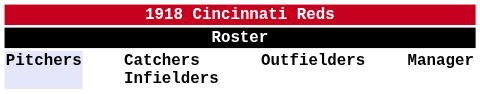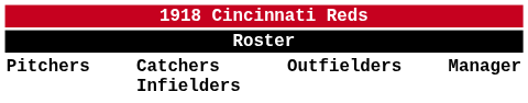 <table class="toccolours" style="font-size: 95%;">
 <tr>
 <th colspan="10" style="background-color: #c6011f; color: white; text-align: center;">1918 Cincinnati Reds</th>
 </tr>
 <tr>
 <td colspan="10" style="background-color: black; color: white; text-align: center;"><strong>Roster</strong></td>
 </tr>
 <tr>
-<td valign="top" style="background: lavender;"><strong>Pitchers</strong><br>            </td>
+<td valign="top"><strong>Pitchers</strong><br>            </td>
 <td width="25px"></td>
 <td valign="top"><strong>Catchers</strong><br>    <strong>Infielders</strong>     </td>
 <td width="25px"></td>
 <td valign="top"><strong>Outfielders</strong><br>   </td>
 <td width="25px"></td>
 <td valign="top"><strong>Manager</strong><br></td>
 </tr>
 </table>
